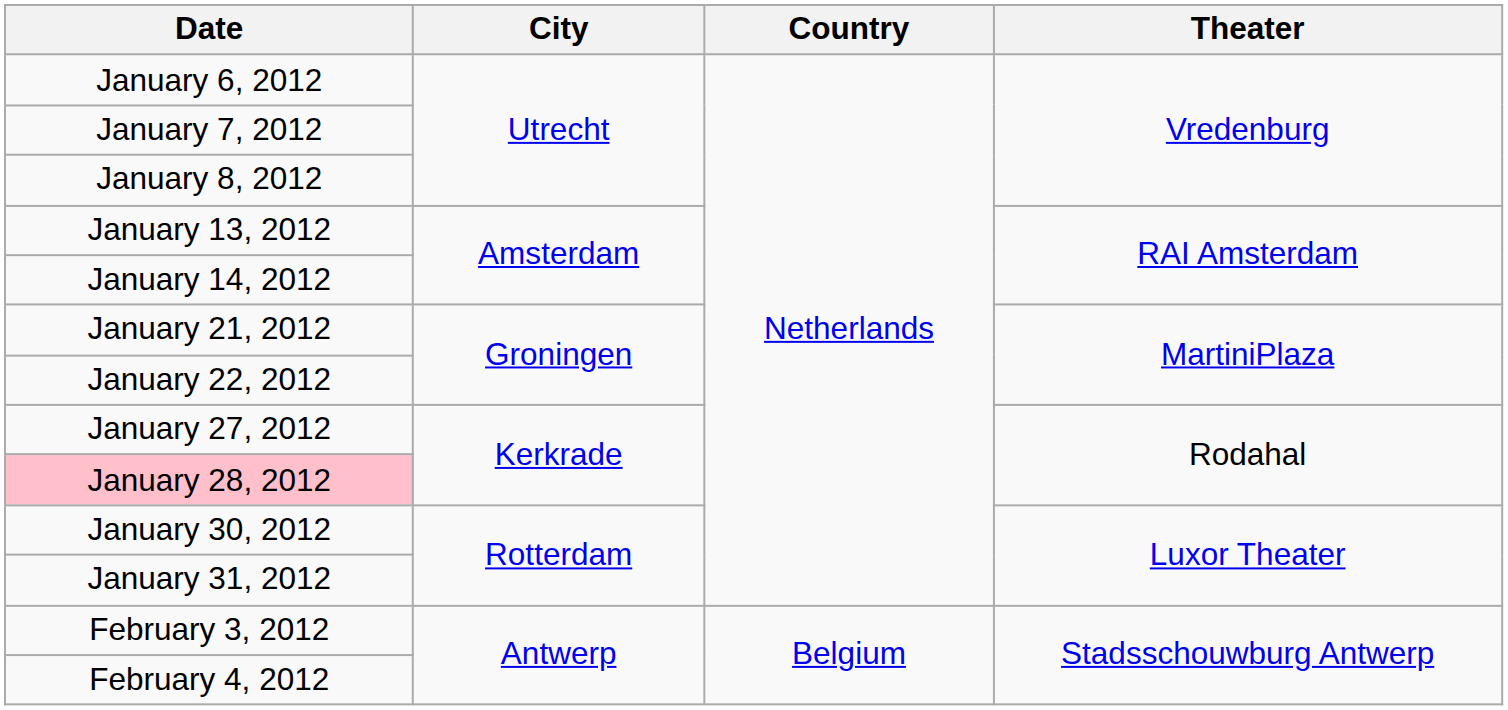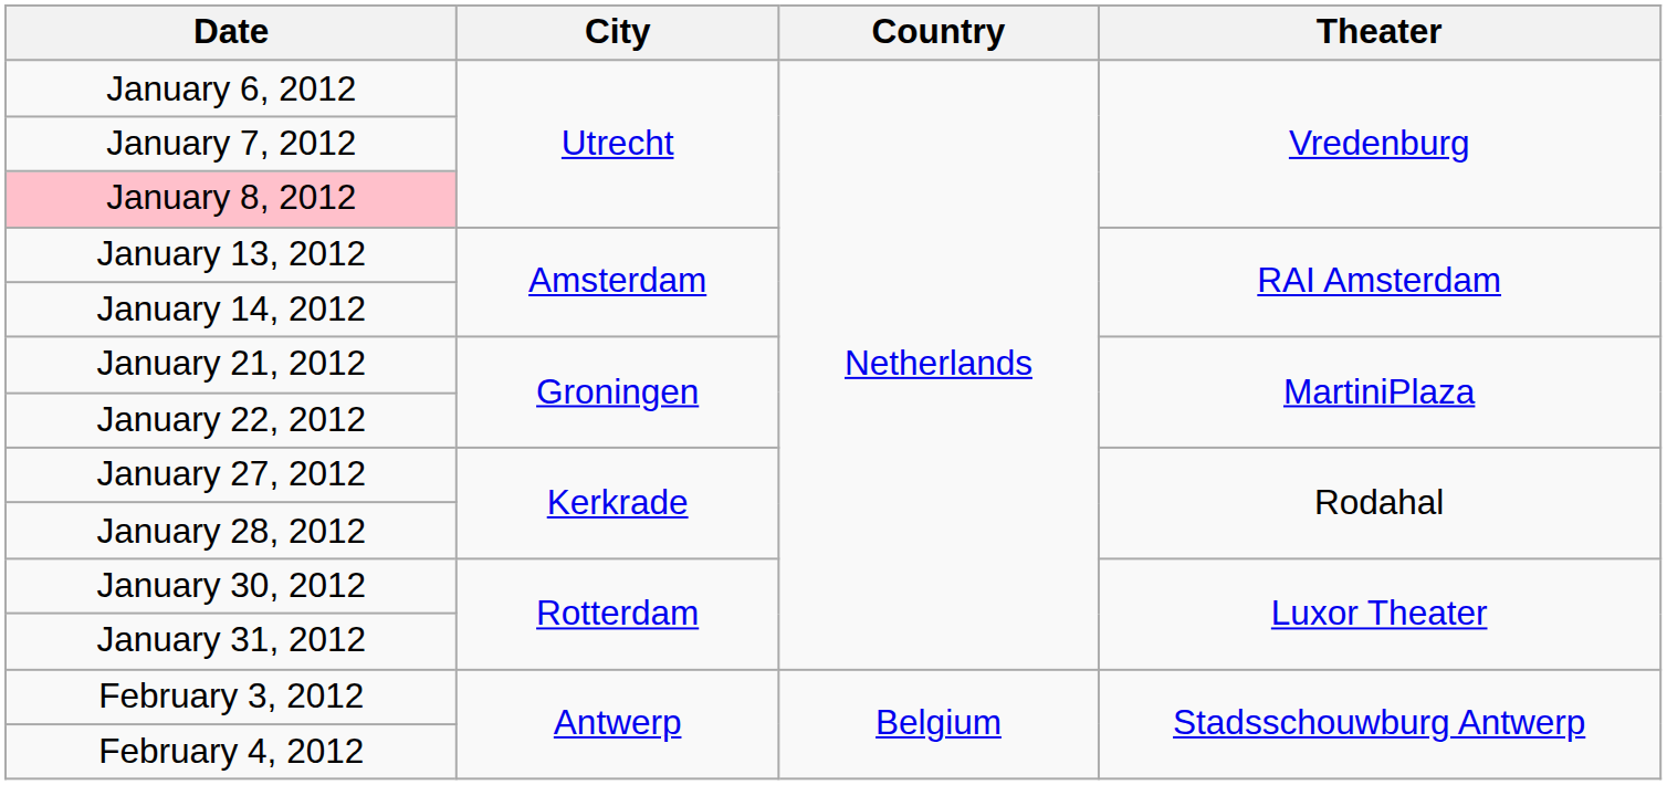 <table class="wikitable">
 <tr>
 <th width="200" rowspan="1">Date</th>
 <th width="140" rowspan="1">City</th>
 <th width="140" rowspan="1">Country</th>
 <th width="250" rowspan="1">Theater</th>
 </tr>
 <tr>
 <td align="center">January 6, 2012</td>
 <td align="center" rowspan=3><a href='#'>Utrecht</a></td>
 <td align="center" rowspan=11><a href='#'>Netherlands</a></td>
 <td align="center" rowspan=3><a href='#'>Vredenburg</a></td>
 </tr>
 <tr>
 <td align="center">January 7, 2012</td>
 </tr>
 <tr>
-<td align="center">January 8, 2012</td>
+<td align="center" style="background: pink;">January 8, 2012</td>
 </tr>
 <tr>
 <td align="center">January 13, 2012</td>
 <td align="center" rowspan=2><a href='#'>Amsterdam</a></td>
 <td align="center" rowspan=2><a href='#'>RAI Amsterdam</a></td>
 </tr>
 <tr>
 <td align="center">January 14, 2012</td>
 </tr>
 <tr>
 <td align="center">January 21, 2012</td>
 <td align="center" rowspan=2><a href='#'>Groningen</a></td>
 <td align="center" rowspan=2><a href='#'>MartiniPlaza</a></td>
 </tr>
 <tr>
 <td align="center">January 22, 2012</td>
 </tr>
 <tr>
 <td align="center">January 27, 2012</td>
 <td align="center" rowspan=2><a href='#'>Kerkrade</a></td>
 <td align="center" rowspan=2>Rodahal</td>
 </tr>
 <tr>
-<td align="center" style="background: pink;">January 28, 2012</td>
+<td align="center">January 28, 2012</td>
 </tr>
 <tr>
 <td align="center">January 30, 2012</td>
 <td align="center" rowspan=2><a href='#'>Rotterdam</a></td>
 <td align="center" rowspan=2><a href='#'>Luxor Theater</a></td>
 </tr>
 <tr>
 <td align="center">January 31, 2012</td>
 </tr>
 <tr>
 <td align="center">February 3, 2012</td>
 <td align="center" rowspan=2><a href='#'>Antwerp</a></td>
 <td align="center" rowspan=2><a href='#'>Belgium</a></td>
 <td align="center" rowspan=2><a href='#'>Stadsschouwburg Antwerp</a></td>
 </tr>
 <tr>
 <td align="center">February 4, 2012</td>
 </tr>
 </table>
